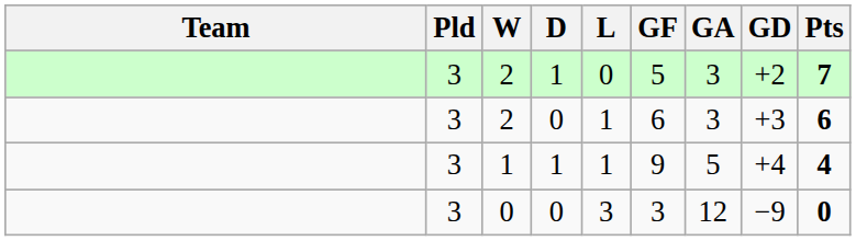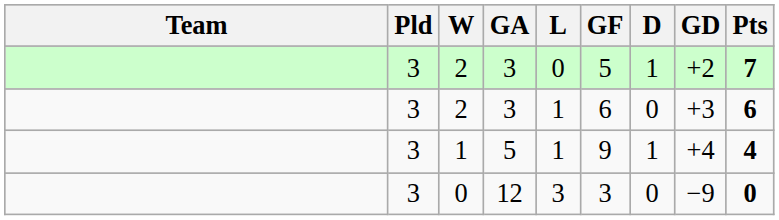 <table class="wikitable" style="text-align:center;">
 <tr>
 <th width=225>Team</th>
 <th width=20 abbr="Played">Pld</th>
 <th width=20 abbr="Won">W</th>
-<th width=20 abbr="Drawn">D</th>
+<th width=20 abbr="Goals against">GA</th>
 <th width=20 abbr="Lost">L</th>
 <th width=20 abbr="Goals for">GF</th>
-<th width=20 abbr="Goals against">GA</th>
+<th width=20 abbr="Drawn">D</th>
 <th width=20 abbr="Goal difference">GD</th>
 <th width=20 abbr="Points">Pts</th>
 </tr>
 <tr bgcolor=#ccffcc>
 <td align="left"></td>
 <td>3</td>
 <td>2</td>
-<td>1</td>
+<td>3</td>
 <td>0</td>
 <td>5</td>
-<td>3</td>
+<td>1</td>
 <td>+2</td>
 <td><strong>7</strong></td>
 </tr>
 <tr>
 <td align="left"></td>
 <td>3</td>
 <td>2</td>
-<td>0</td>
+<td>3</td>
 <td>1</td>
 <td>6</td>
-<td>3</td>
+<td>0</td>
 <td>+3</td>
 <td><strong>6</strong></td>
 </tr>
 <tr>
 <td align="left"></td>
 <td>3</td>
 <td>1</td>
-<td>1</td>
+<td>5</td>
 <td>1</td>
 <td>9</td>
-<td>5</td>
+<td>1</td>
 <td>+4</td>
 <td><strong>4</strong></td>
 </tr>
 <tr>
 <td align="left"></td>
 <td>3</td>
 <td>0</td>
-<td>0</td>
+<td>12</td>
 <td>3</td>
 <td>3</td>
-<td>12</td>
+<td>0</td>
 <td>−9</td>
 <td><strong>0</strong></td>
 </tr>
 </table>
